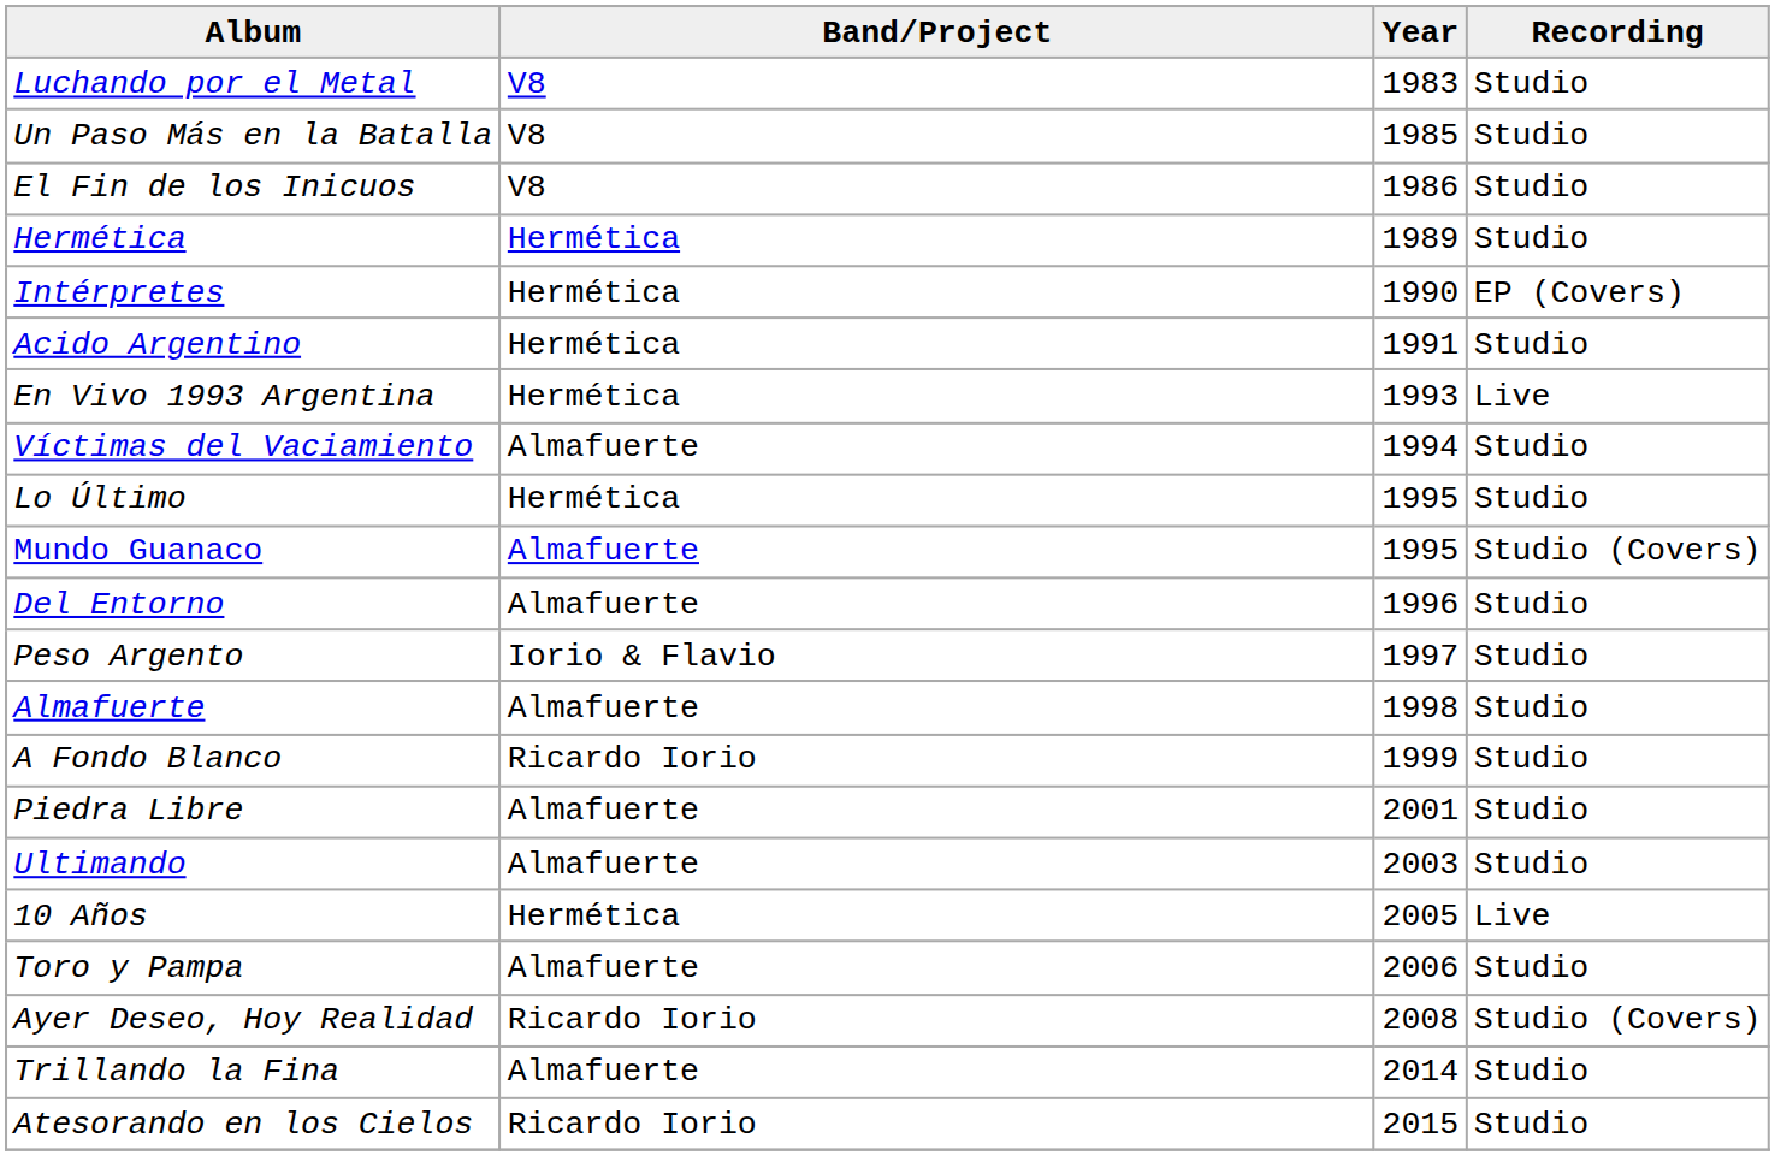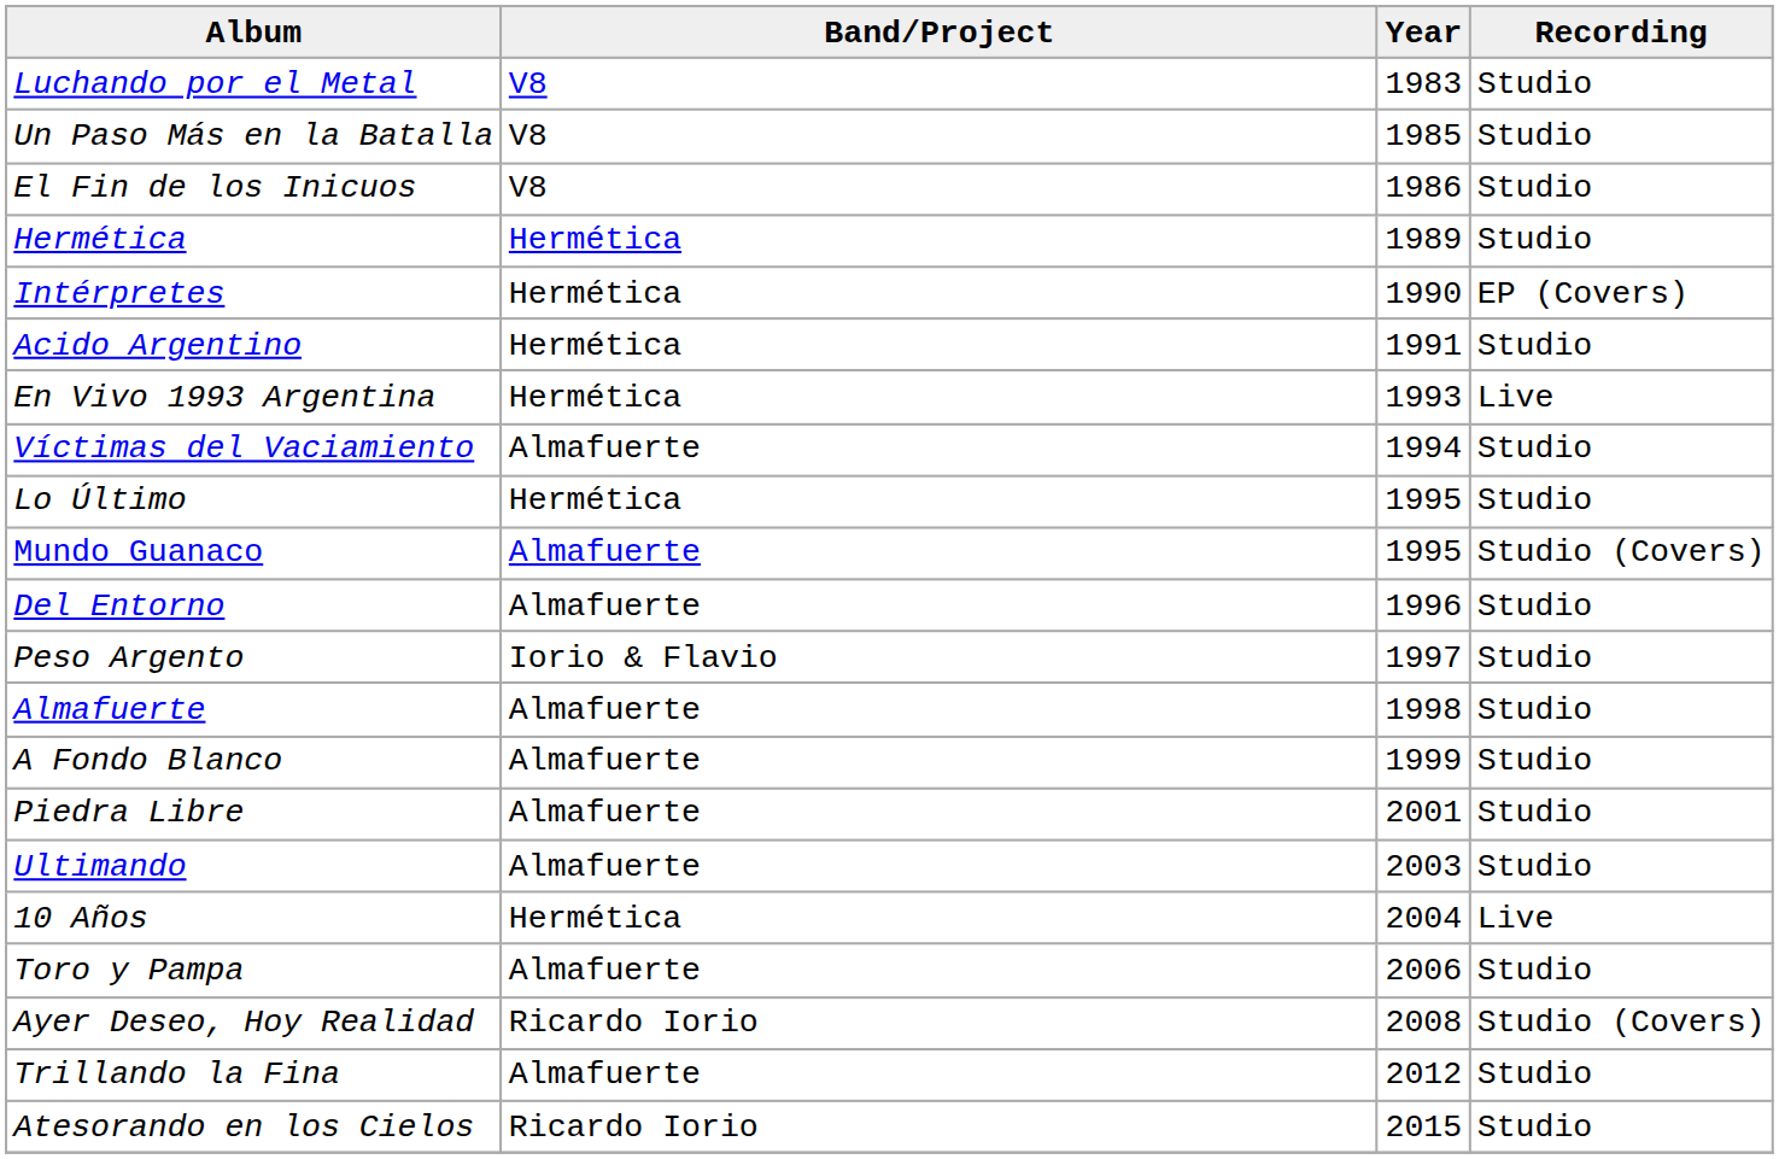 <table style="background:#ffffff" class="sortable wikitable">
 <tr>
 <th style="background:#efefef;">Album</th>
 <th style="background:#efefef;" width=350 px>Band/Project</th>
 <th style="background:#efefef;">Year</th>
 <th style="background:#efefef;">Recording</th>
 </tr>
 <tr>
 <td><em><a href='#'>Luchando por el Metal</a></em></td>
 <td><a href='#'>V8</a></td>
 <td>1983</td>
 <td>Studio</td>
 </tr>
 <tr>
 <td><em>Un Paso Más en la Batalla</em></td>
 <td>V8</td>
 <td>1985</td>
 <td>Studio</td>
 </tr>
 <tr>
 <td><em>El Fin de los Inicuos</em></td>
 <td>V8</td>
 <td>1986</td>
 <td>Studio</td>
 </tr>
 <tr>
 <td><em><a href='#'>Hermética</a></em></td>
 <td><a href='#'>Hermética</a></td>
 <td>1989</td>
 <td>Studio</td>
 </tr>
 <tr>
 <td><em><a href='#'>Intérpretes</a></em></td>
 <td>Hermética</td>
 <td>1990</td>
 <td>EP (Covers)<br></td>
 </tr>
 <tr>
 <td><em><a href='#'>Acido Argentino</a></em></td>
 <td>Hermética</td>
 <td>1991</td>
 <td>Studio</td>
 </tr>
 <tr>
 <td><em>En Vivo 1993 Argentina</em></td>
 <td>Hermética</td>
 <td>1993</td>
 <td>Live</td>
 </tr>
 <tr>
 <td><em><a href='#'>Víctimas del Vaciamiento</a></em></td>
 <td>Almafuerte</td>
 <td>1994</td>
 <td>Studio</td>
 </tr>
 <tr>
 <td><em>Lo Último</em></td>
 <td>Hermética</td>
 <td>1995</td>
 <td>Studio</td>
 </tr>
 <tr>
 <td><a href='#'>Mundo Guanaco</a></td>
 <td><a href='#'>Almafuerte</a></td>
 <td>1995</td>
 <td>Studio (Covers)</td>
 </tr>
 <tr>
 <td><em><a href='#'>Del Entorno</a></em></td>
 <td>Almafuerte</td>
 <td>1996</td>
 <td>Studio</td>
 </tr>
 <tr>
 <td><em>Peso Argento</em></td>
 <td>Iorio & Flavio</td>
 <td>1997</td>
 <td>Studio<br></td>
 </tr>
 <tr>
 <td><em><a href='#'>Almafuerte</a></em></td>
 <td>Almafuerte</td>
 <td>1998</td>
 <td>Studio<br></td>
 </tr>
 <tr>
 <td><em>A Fondo Blanco</em></td>
-<td>Ricardo Iorio</td>
+<td>Almafuerte</td>
 <td>1999</td>
 <td>Studio</td>
 </tr>
 <tr>
 <td><em>Piedra Libre</em></td>
 <td>Almafuerte</td>
 <td>2001</td>
 <td>Studio<br> </td>
 </tr>
 <tr>
 <td><em><a href='#'>Ultimando</a></em></td>
 <td>Almafuerte</td>
 <td>2003</td>
 <td>Studio</td>
 </tr>
 <tr>
 <td><em>10 Años</em></td>
 <td>Hermética</td>
-<td>2005</td>
+<td>2004</td>
 <td>Live</td>
 </tr>
 <tr>
 <td><em>Toro y Pampa</em></td>
 <td>Almafuerte</td>
 <td>2006</td>
 <td>Studio</td>
 </tr>
 <tr>
 <td><em>Ayer Deseo, Hoy Realidad</em></td>
 <td>Ricardo Iorio</td>
 <td>2008</td>
 <td>Studio (Covers)<br></td>
 </tr>
 <tr>
 <td><em>Trillando la Fina</em></td>
 <td>Almafuerte</td>
-<td>2014</td>
+<td>2012</td>
 <td>Studio<br></td>
 </tr>
 <tr>
 <td><em>Atesorando en los Cielos</em></td>
 <td>Ricardo Iorio</td>
 <td>2015</td>
 <td>Studio</td>
 </tr>
 <tr>
 </tr>
 </table>
